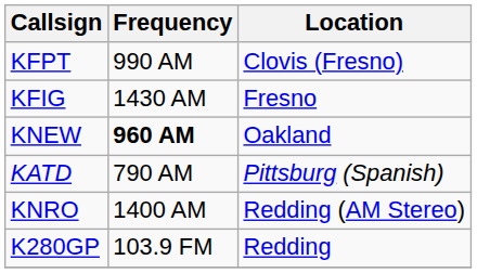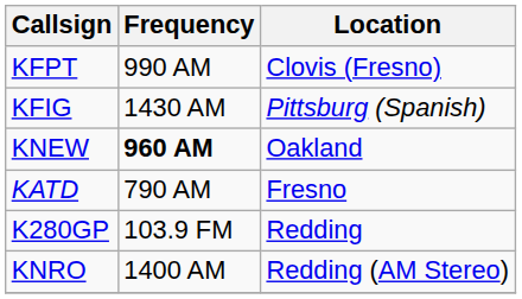 <table class="wikitable">
 <tr>
 <th>Callsign</th>
 <th>Frequency</th>
 <th>Location</th>
 </tr>
 <tr>
 <td><a href='#'>KFPT</a></td>
 <td>990 AM</td>
 <td><a href='#'>Clovis (Fresno)</a></td>
 </tr>
 <tr>
 <td><a href='#'>KFIG</a></td>
 <td>1430 AM</td>
-<td><a href='#'>Fresno</a></td>
+<td><em><a href='#'>Pittsburg</a>  (Spanish)</em></td>
 </tr>
 <tr>
 <td><a href='#'>KNEW</a></td>
 <td><strong>960 AM</strong></td>
 <td><a href='#'>Oakland</a></td>
 </tr>
 <tr>
 <td><em><a href='#'>KATD</a></em></td>
 <td>790 AM</td>
-<td><em><a href='#'>Pittsburg</a>  (Spanish)</em></td>
+<td><a href='#'>Fresno</a></td>
+</tr>
+<tr>
+<td><a href='#'>K280GP</a></td>
+<td>103.9 FM</td>
+<td><a href='#'>Redding</a></td>
 </tr>
 <tr>
 <td><a href='#'>KNRO</a></td>
 <td>1400 AM</td>
 <td><a href='#'>Redding</a> (<a href='#'>AM Stereo</a>)</td>
 </tr>
 <tr>
-<td><a href='#'>K280GP</a></td>
-<td>103.9 FM</td>
-<td><a href='#'>Redding</a></td>
-</tr>
-<tr>
 </tr>
 </table>
